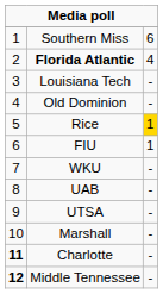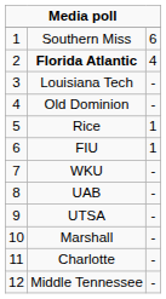 <table class="wikitable">
 <tr align="center">
 <td align="center" Colspan="3"><strong>Media poll</strong></td>
 </tr>
 <tr align="center">
 </tr>
 <tr align="center">
 <td>1</td>
 <td>Southern Miss</td>
 <td>6</td>
 </tr>
 <tr align="center">
 <td>2</td>
 <td><strong>Florida Atlantic</strong></td>
 <td>4</td>
 </tr>
 <tr align="center">
 <td>3</td>
 <td>Louisiana Tech</td>
 <td>-</td>
 </tr>
 <tr align="center">
 <td>4</td>
 <td>Old Dominion</td>
 <td>-</td>
 </tr>
 <tr align="center">
 <td>5</td>
 <td>Rice</td>
-<td style="background: gold;">1</td>
+<td>1</td>
 </tr>
 <tr align="center">
 <td>6</td>
 <td>FIU</td>
 <td>1</td>
 </tr>
 <tr align="center">
 <td>7</td>
 <td>WKU</td>
 <td>-</td>
 </tr>
 <tr align="center">
 <td>8</td>
 <td>UAB</td>
 <td>-</td>
 </tr>
 <tr align="center">
 <td>9</td>
 <td>UTSA</td>
 <td>-</td>
 </tr>
 <tr align="center">
 <td>10</td>
 <td>Marshall</td>
 <td>-</td>
 </tr>
 <tr align="center">
-<td><strong>11</strong></td>
+<td>11</td>
 <td>Charlotte</td>
 <td>-</td>
 </tr>
 <tr align="center">
-<td><strong>12</strong></td>
+<td>12</td>
 <td>Middle Tennessee</td>
 <td>-</td>
 </tr>
 </table>
